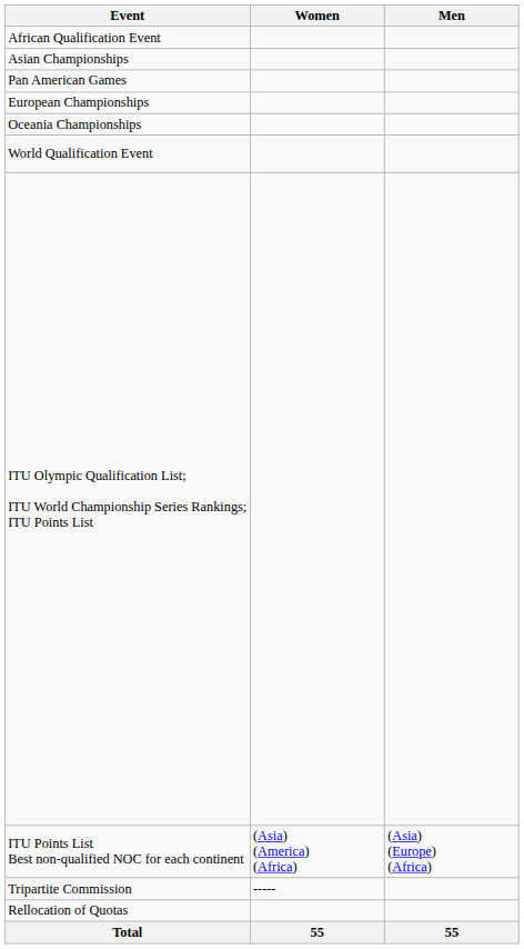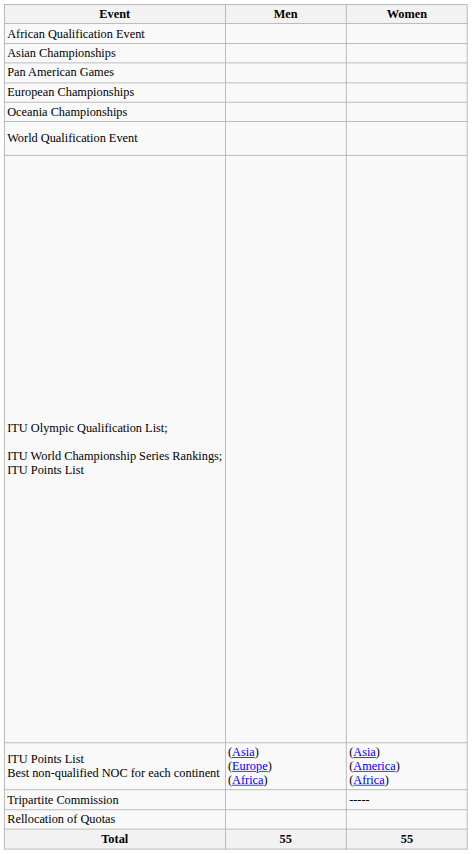 <table class="wikitable">
 <tr>
 <th>Event</th>
+<th style="width:150px;">Men</th>
 <th width=150>Women</th>
-<th style="width:150px;">Men</th>
 </tr>
 <tr>
 <td>African Qualification Event</td>
 <td></td>
 <td></td>
 </tr>
 <tr>
 <td>Asian Championships </td>
 <td></td>
 <td></td>
 </tr>
 <tr>
 <td>Pan American Games</td>
 <td></td>
 <td></td>
 </tr>
 <tr>
 <td>European Championships</td>
 <td></td>
 <td></td>
 </tr>
 <tr>
 <td>Oceania Championships</td>
 <td></td>
 <td></td>
 </tr>
 <tr>
 <td>World Qualification Event</td>
 <td><br><br></td>
 <td><br><br></td>
 </tr>
 <tr>
 <td>ITU Olympic Qualification List;<br><br>ITU World Championship Series Rankings;<br> ITU Points List</td>
+<td><br><br><br><br><br><br><br><br><br><br><br><br><br><br><br><br><br><br><br><br><br><br><br><br> <br><br> <br><br><br><br><br><br><br><br><br><br><br><br><br><br><br><br></td>
 <td><br><br><br><br><br><br><br><br><br><br><br><br><br><br><br><br><br><br><br><br><br><br><br><br><br><br><br><br><br><br><br><br><br><br><br><br><br><br><br><br><br><br></td>
-<td><br><br><br><br><br><br><br><br><br><br><br><br><br><br><br><br><br><br><br><br><br><br><br><br> <br><br> <br><br><br><br><br><br><br><br><br><br><br><br><br><br><br><br></td>
 </tr>
 <tr>
 <td>ITU Points List<br>Best non-qualified NOC for each continent</td>
+<td> (<a href='#'>Asia</a>)<br> (<a href='#'>Europe</a>)<br> (<a href='#'>Africa</a>)</td>
 <td> (<a href='#'>Asia</a>)<br> (<a href='#'>America</a>)<br> (<a href='#'>Africa</a>)</td>
-<td> (<a href='#'>Asia</a>)<br> (<a href='#'>Europe</a>)<br> (<a href='#'>Africa</a>)</td>
 </tr>
 <tr>
 <td>Tripartite Commission</td>
+<td></td>
 <td>-----</td>
-<td></td>
 </tr>
 <tr>
 <td>Rellocation of Quotas</td>
 <td></td>
 <td></td>
 </tr>
 <tr>
 <th>Total</th>
 <th style="text-align:center;">55</th>
 <th style="text-align:center;">55</th>
 </tr>
 </table>
